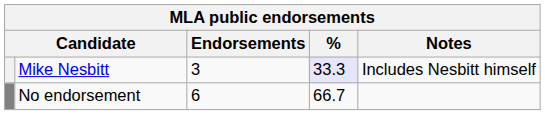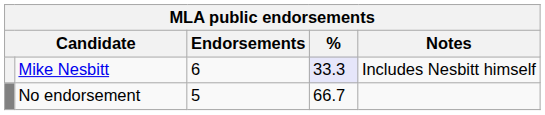 <table class="wikitable" style="font-size:100%">
 <tr>
 <th colspan="5">MLA public endorsements</th>
 </tr>
 <tr>
 <th colspan="2" style="width: 170px">Candidate</th>
 <th style="width: 50px">Endorsements</th>
 <th style="width: 40px">%</th>
 <th>Notes</th>
 </tr>
 <tr>
 <th style="background-color: "></th>
 <td><a href='#'>Mike Nesbitt</a></td>
-<td>3</td>
+<td>6</td>
 <td style="background: lavender;">33.3</td>
 <td>Includes Nesbitt himself</td>
 </tr>
 <tr>
 <th style="background-color: #808080"></th>
 <td>No endorsement</td>
-<td>6</td>
+<td>5</td>
 <td>66.7</td>
 <td></td>
 </tr>
 </table>
